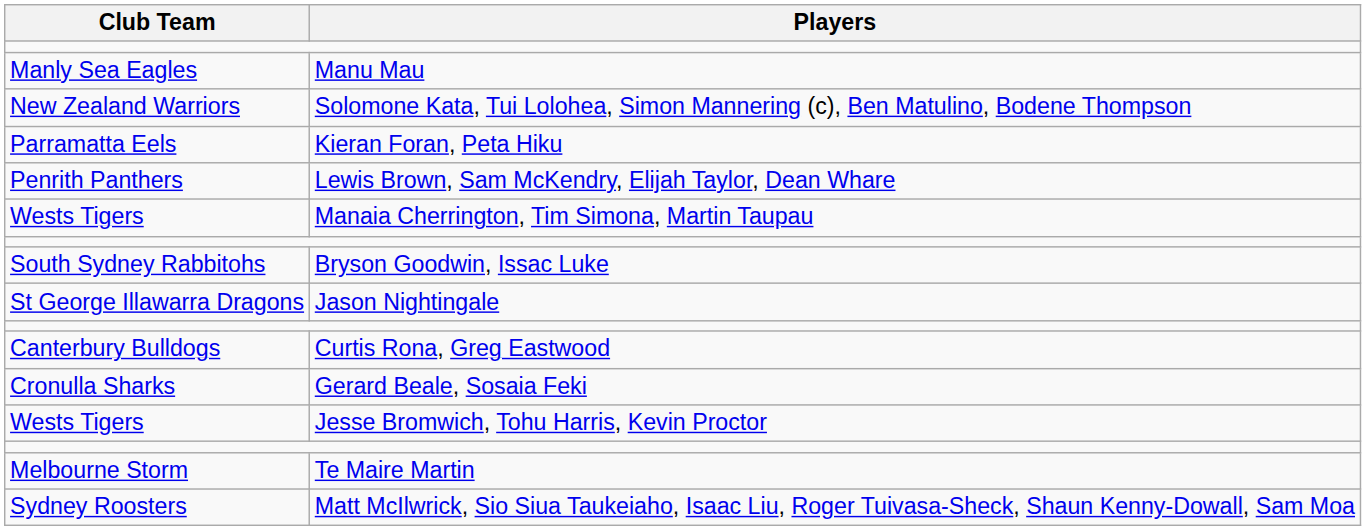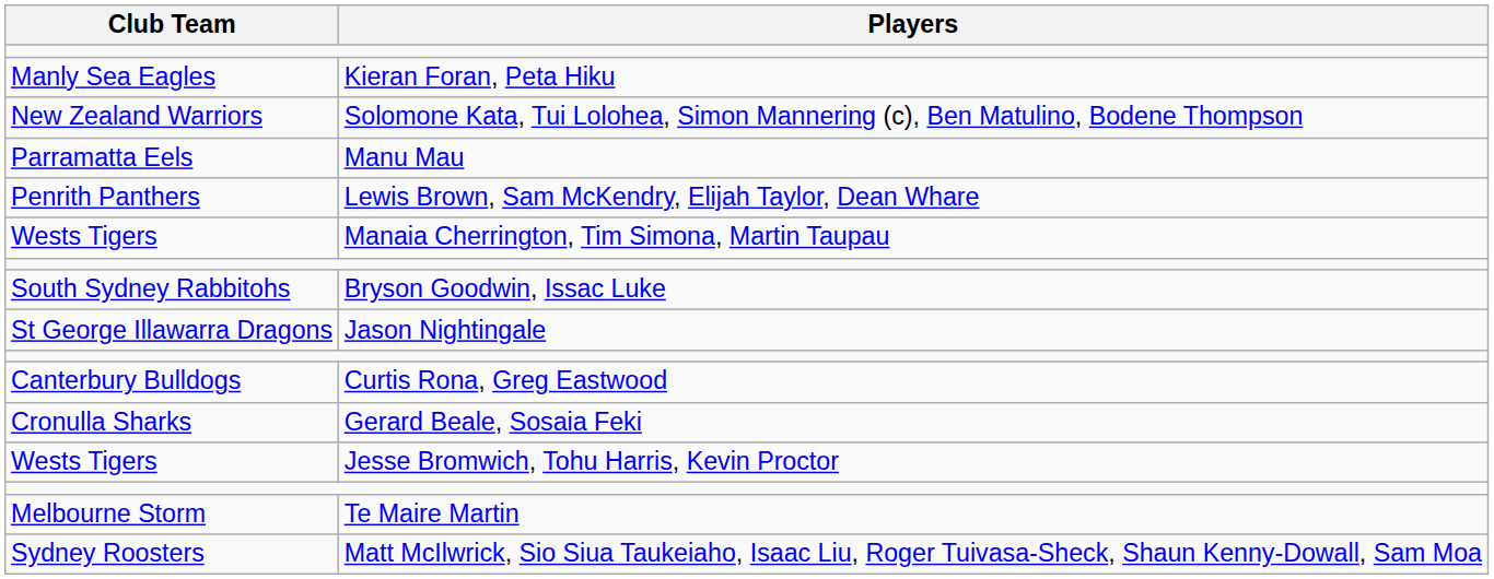 <table class="wikitable">
 <tr>
 <th>Club Team</th>
 <th>Players</th>
 </tr>
 <tr>
 <td colspan=2></td>
 </tr>
 <tr>
 <td><a href='#'>Manly Sea Eagles</a></td>
-<td><a href='#'>Manu Mau</a></td>
+<td><a href='#'>Kieran Foran</a>, <a href='#'>Peta Hiku</a></td>
 </tr>
 <tr>
 <td><a href='#'>New Zealand Warriors</a></td>
 <td><a href='#'>Solomone Kata</a>, <a href='#'>Tui Lolohea</a>, <a href='#'>Simon Mannering</a> (c), <a href='#'>Ben Matulino</a>, <a href='#'>Bodene Thompson</a></td>
 </tr>
 <tr>
 <td><a href='#'>Parramatta Eels</a></td>
-<td><a href='#'>Kieran Foran</a>, <a href='#'>Peta Hiku</a></td>
+<td><a href='#'>Manu Mau</a></td>
 </tr>
 <tr>
 <td><a href='#'>Penrith Panthers</a></td>
 <td><a href='#'>Lewis Brown</a>, <a href='#'>Sam McKendry</a>, <a href='#'>Elijah Taylor</a>, <a href='#'>Dean Whare</a></td>
 </tr>
 <tr>
 <td><a href='#'>Wests Tigers</a></td>
 <td><a href='#'>Manaia Cherrington</a>, <a href='#'>Tim Simona</a>, <a href='#'>Martin Taupau</a></td>
 </tr>
 <tr>
 <td colspan=2></td>
 </tr>
 <tr>
 <td><a href='#'>South Sydney Rabbitohs</a></td>
 <td><a href='#'>Bryson Goodwin</a>, <a href='#'>Issac Luke</a></td>
 </tr>
 <tr>
 <td><a href='#'>St George Illawarra Dragons</a></td>
 <td><a href='#'>Jason Nightingale</a></td>
 </tr>
 <tr>
 <td colspan=2></td>
 </tr>
 <tr>
 <td><a href='#'>Canterbury Bulldogs</a></td>
 <td><a href='#'>Curtis Rona</a>, <a href='#'>Greg Eastwood</a></td>
 </tr>
 <tr>
 <td><a href='#'>Cronulla Sharks</a></td>
 <td><a href='#'>Gerard Beale</a>, <a href='#'>Sosaia Feki</a></td>
 </tr>
 <tr>
 <td><a href='#'>Wests Tigers</a></td>
 <td><a href='#'>Jesse Bromwich</a>, <a href='#'>Tohu Harris</a>, <a href='#'>Kevin Proctor</a></td>
 </tr>
 <tr>
 <td colspan=2></td>
 </tr>
 <tr>
 <td><a href='#'>Melbourne Storm</a></td>
 <td><a href='#'>Te Maire Martin</a></td>
 </tr>
 <tr>
 <td><a href='#'>Sydney Roosters</a></td>
 <td><a href='#'>Matt McIlwrick</a>, <a href='#'>Sio Siua Taukeiaho</a>, <a href='#'>Isaac Liu</a>, <a href='#'>Roger Tuivasa-Sheck</a>, <a href='#'>Shaun Kenny-Dowall</a>, <a href='#'>Sam Moa</a></td>
 </tr>
 </table>
